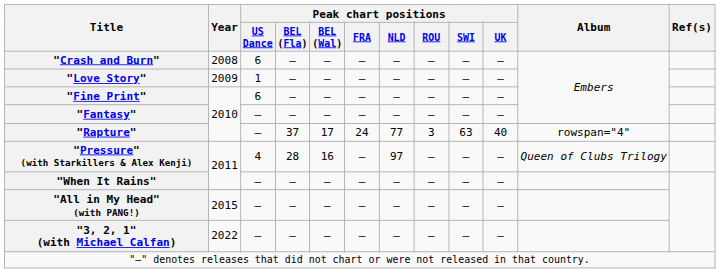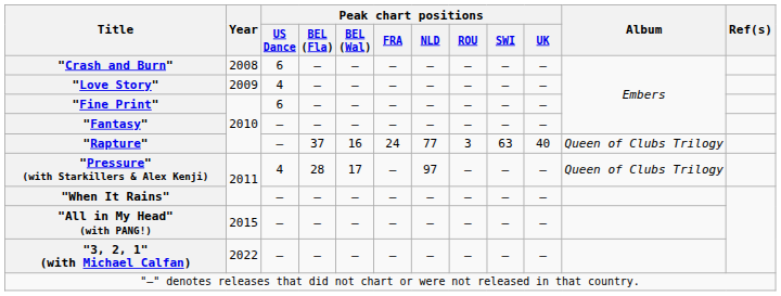 <table class="wikitable plainrowheaders" style="text-align:center;" border="1">
 <tr>
 <th scope="col" rowspan="2" style="width:18em;">Title</th>
 <th scope="col" rowspan="2">Year</th>
 <th scope="col" colspan="8">Peak chart positions</th>
 <th scope="col" rowspan="2">Album</th>
 <th scope="col" rowspan="2">Ref(s)</th>
 </tr>
 <tr>
 <th scope="col" style="width:3em;font-size:90%;"><a href='#'>US<br>Dance</a><br></th>
 <th scope="col" style="width:3em;font-size:90%;"><a href='#'>BEL</a><br>(<a href='#'>Fla</a>)<br></th>
 <th scope="col" style="width:3em;font-size:90%;"><a href='#'>BEL</a><br>(<a href='#'>Wal</a>)<br></th>
 <th scope="col" style="width:3em;font-size:90%;"><a href='#'>FRA</a><br></th>
 <th scope="col" style="width:3em;font-size:90%;"><a href='#'>NLD</a><br></th>
 <th scope="col" style="width:3em;font-size:90%;"><a href='#'>ROU</a><br></th>
 <th scope="col" style="width:3em;font-size:90%;"><a href='#'>SWI</a><br></th>
 <th scope="col" style="width:3em;font-size:90%;"><a href='#'>UK</a><br></th>
 </tr>
 <tr>
 <th scope="row">"<a href='#'>Crash and Burn</a>"</th>
 <td>2008</td>
 <td>6</td>
 <td>—</td>
 <td>—</td>
 <td>—</td>
 <td>—</td>
 <td>—</td>
 <td>—</td>
 <td>—</td>
 <td rowspan="4"><em>Embers</em></td>
 <td></td>
 </tr>
 <tr>
 <th scope="row">"<a href='#'>Love Story</a>"</th>
 <td rowspan="1">2009</td>
-<td>1</td>
+<td>4</td>
 <td>—</td>
 <td>—</td>
 <td>—</td>
 <td>—</td>
 <td>—</td>
 <td>—</td>
 <td>—</td>
 <td></td>
 </tr>
 <tr>
 <th scope="row">"<a href='#'>Fine Print</a>"</th>
 <td rowspan="3">2010</td>
 <td>6</td>
 <td>—</td>
 <td>—</td>
 <td>—</td>
 <td>—</td>
 <td>—</td>
 <td>—</td>
 <td>—</td>
 <td></td>
 </tr>
 <tr>
 <th scope="row">"<a href='#'>Fantasy</a>"</th>
 <td>—</td>
 <td>—</td>
 <td>—</td>
 <td>—</td>
 <td>—</td>
 <td>—</td>
 <td>—</td>
 <td>—</td>
 <td></td>
 </tr>
 <tr>
 <th scope="row">"<a href='#'>Rapture</a>"</th>
 <td>—</td>
 <td>37</td>
-<td>17</td>
+<td>16</td>
 <td>24</td>
 <td>77</td>
 <td>3</td>
 <td>63</td>
 <td>40</td>
-<td>rowspan="4" </td>
+<td><em>Queen of Clubs Trilogy</em></td>
 <td></td>
 </tr>
 <tr>
 <th scope="row">"<a href='#'>Pressure</a>"<br><small>(with Starkillers & Alex Kenji)</small></th>
 <td rowspan="2">2011</td>
 <td>4</td>
 <td>28</td>
-<td>16</td>
+<td>17</td>
 <td>—</td>
 <td>97</td>
 <td>—</td>
 <td>—</td>
 <td>—</td>
 <td><em>Queen of Clubs Trilogy</em></td>
 <td></td>
 </tr>
 <tr>
 <th scope="row">"When It Rains"</th>
 <td>—</td>
 <td>—</td>
 <td>—</td>
 <td>—</td>
 <td>—</td>
 <td>—</td>
 <td>—</td>
 <td>—</td>
 <td></td>
 </tr>
 <tr>
 <th scope="row">"All in My Head"<br><small>(with PANG!)</small></th>
 <td>2015</td>
 <td>—</td>
 <td>—</td>
 <td>—</td>
 <td>—</td>
 <td>—</td>
 <td>—</td>
 <td>—</td>
 <td>—</td>
 <td></td>
 </tr>
 <tr>
 <th scope="row">"3, 2, 1" <br><span>(with <a href='#'>Michael Calfan</a>)</span></th>
 <td>2022</td>
 <td>—</td>
 <td>—</td>
 <td>—</td>
 <td>—</td>
 <td>—</td>
 <td>—</td>
 <td>—</td>
 <td>—</td>
 <td></td>
 </tr>
 <tr>
 <td colspan="12" align="center" style="font-size: 90%">"—" denotes releases that did not chart or were not released in that country.</td>
 </tr>
 </table>
